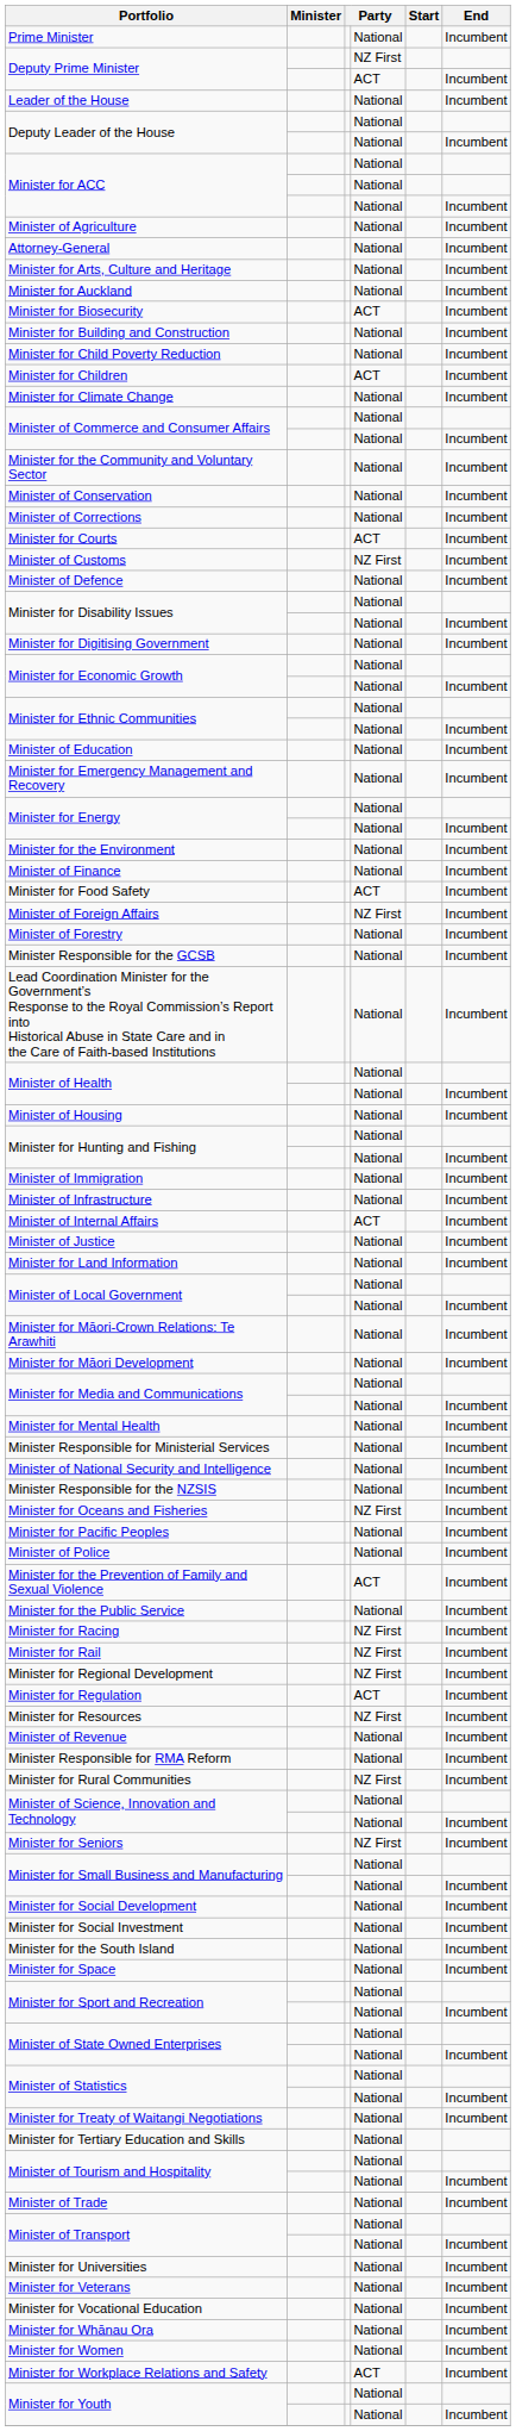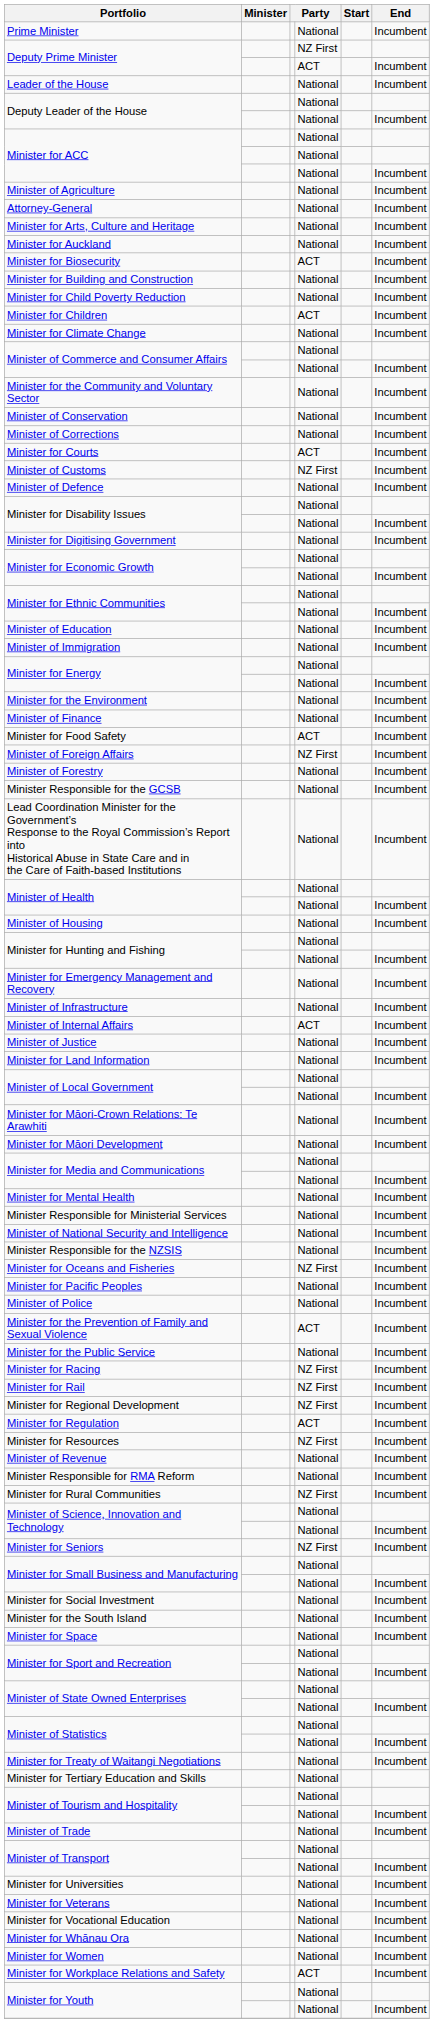 <table class="sortable wikitable">
 <tr>
 <th scope="col">Portfolio</th>
 <th scope="col">Minister</th>
 <th scope="col" colspan="2">Party</th>
 <th scope="col">Start</th>
 <th scope="col">End</th>
 </tr>
 <tr>
 <td scope="row"><a href='#'>Prime Minister</a></td>
 <td></td>
 <td style="background:"></td>
 <td>National</td>
 <td></td>
 <td>Incumbent</td>
 </tr>
 <tr>
 <td rowspan="2" scope="row"><a href='#'>Deputy Prime Minister</a></td>
 <td></td>
 <td style="background:"></td>
 <td>NZ First</td>
 <td></td>
 <td></td>
 </tr>
 <tr>
 <td></td>
 <td style="background:"></td>
 <td>ACT</td>
 <td></td>
 <td>Incumbent</td>
 </tr>
 <tr>
 <td scope="row"><a href='#'>Leader of the House</a></td>
 <td></td>
 <td style="background:"></td>
 <td>National</td>
 <td></td>
 <td>Incumbent</td>
 </tr>
 <tr>
 <td rowspan="2" scope="row">Deputy Leader of the House</td>
 <td></td>
 <td style="background:"></td>
 <td>National</td>
 <td></td>
 <td></td>
 </tr>
 <tr>
 <td></td>
 <td style="background:"></td>
 <td>National</td>
 <td></td>
 <td>Incumbent</td>
 </tr>
 <tr>
 <td rowspan="3" scope="row"><a href='#'>Minister for ACC</a></td>
 <td></td>
 <td style="background:"></td>
 <td>National</td>
 <td></td>
 <td></td>
 </tr>
 <tr>
 <td></td>
 <td style="background:"></td>
 <td>National</td>
 <td></td>
 <td></td>
 </tr>
 <tr>
 <td></td>
 <td style="background:"></td>
 <td>National</td>
 <td></td>
 <td>Incumbent</td>
 </tr>
 <tr>
 <td scope="row"><a href='#'>Minister of Agriculture</a></td>
 <td></td>
 <td style="background:"></td>
 <td>National</td>
 <td></td>
 <td>Incumbent</td>
 </tr>
 <tr>
 <td scope="row"><a href='#'>Attorney-General</a></td>
 <td></td>
 <td style="background:"></td>
 <td>National</td>
 <td></td>
 <td>Incumbent</td>
 </tr>
 <tr>
 <td scope="row"><a href='#'>Minister for Arts, Culture and Heritage</a></td>
 <td></td>
 <td style="background:"></td>
 <td>National</td>
 <td></td>
 <td>Incumbent</td>
 </tr>
 <tr>
 <td scope="row"><a href='#'>Minister for Auckland</a></td>
 <td></td>
 <td style="background:"></td>
 <td>National</td>
 <td></td>
 <td>Incumbent</td>
 </tr>
 <tr>
 <td scope="row"><a href='#'>Minister for Biosecurity</a></td>
 <td></td>
 <td style="background:"></td>
 <td>ACT</td>
 <td></td>
 <td>Incumbent</td>
 </tr>
 <tr>
 <td scope="row"><a href='#'>Minister for Building and Construction</a></td>
 <td></td>
 <td style="background:"></td>
 <td>National</td>
 <td></td>
 <td>Incumbent</td>
 </tr>
 <tr>
 <td scope="row"><a href='#'>Minister for Child Poverty Reduction</a></td>
 <td></td>
 <td style="background:"></td>
 <td>National</td>
 <td></td>
 <td>Incumbent</td>
 </tr>
 <tr>
 <td scope="row"><a href='#'>Minister for Children</a></td>
 <td></td>
 <td style="background:"></td>
 <td>ACT</td>
 <td></td>
 <td>Incumbent</td>
 </tr>
 <tr>
 <td scope="row"><a href='#'>Minister for Climate Change</a></td>
 <td></td>
 <td style="background:"></td>
 <td>National</td>
 <td></td>
 <td>Incumbent</td>
 </tr>
 <tr>
 <td rowspan="2" scope="row"><a href='#'>Minister of Commerce and Consumer Affairs</a></td>
 <td></td>
 <td style="background:"></td>
 <td>National</td>
 <td></td>
 <td></td>
 </tr>
 <tr>
 <td></td>
 <td style="background:"></td>
 <td>National</td>
 <td></td>
 <td>Incumbent</td>
 </tr>
 <tr>
 <td scope="row"><a href='#'>Minister for the Community and Voluntary Sector</a></td>
 <td></td>
 <td style="background:"></td>
 <td>National</td>
 <td></td>
 <td>Incumbent</td>
 </tr>
 <tr>
 <td scope="row"><a href='#'>Minister of Conservation</a></td>
 <td></td>
 <td style="background:"></td>
 <td>National</td>
 <td></td>
 <td>Incumbent</td>
 </tr>
 <tr>
 <td scope="row"><a href='#'>Minister of Corrections</a></td>
 <td></td>
 <td style="background:"></td>
 <td>National</td>
 <td></td>
 <td>Incumbent</td>
 </tr>
 <tr>
 <td scope="row"><a href='#'>Minister for Courts</a></td>
 <td></td>
 <td style="background:"></td>
 <td>ACT</td>
 <td></td>
 <td>Incumbent</td>
 </tr>
 <tr>
 <td scope="row"><a href='#'>Minister of Customs</a></td>
 <td></td>
 <td style="background:"></td>
 <td>NZ First</td>
 <td></td>
 <td>Incumbent</td>
 </tr>
 <tr>
 <td scope="row"><a href='#'>Minister of Defence</a></td>
 <td></td>
 <td style="background:"></td>
 <td>National</td>
 <td></td>
 <td>Incumbent</td>
 </tr>
 <tr>
 <td rowspan="2" scope="row">Minister for Disability Issues</td>
 <td></td>
 <td style="background:"></td>
 <td>National</td>
 <td></td>
 <td></td>
 </tr>
 <tr>
 <td></td>
 <td style="background:"></td>
 <td>National</td>
 <td></td>
 <td>Incumbent</td>
 </tr>
 <tr>
 <td scope="row"><a href='#'>Minister for Digitising Government</a></td>
 <td></td>
 <td style="background:"></td>
 <td>National</td>
 <td></td>
 <td>Incumbent</td>
 </tr>
 <tr>
 <td rowspan="2" scope="row"><a href='#'>Minister for Economic Growth</a></td>
 <td></td>
 <td style="background:"></td>
 <td>National</td>
 <td></td>
 <td></td>
 </tr>
 <tr>
 <td></td>
 <td style="background:"></td>
 <td>National</td>
 <td></td>
 <td>Incumbent</td>
 </tr>
 <tr>
 <td rowspan="2" scope="row"><a href='#'>Minister for Ethnic Communities</a></td>
 <td></td>
 <td style="background:"></td>
 <td>National</td>
 <td></td>
 <td></td>
 </tr>
 <tr>
 <td></td>
 <td style="background:"></td>
 <td>National</td>
 <td></td>
 <td>Incumbent</td>
 </tr>
 <tr>
 <td scope="row"><a href='#'>Minister of Education</a></td>
 <td></td>
 <td style="background:"></td>
 <td>National</td>
 <td></td>
 <td>Incumbent</td>
 </tr>
 <tr>
-<td scope="row"><a href='#'>Minister for Emergency Management and Recovery</a></td>
+<td scope="row"><a href='#'>Minister of Immigration</a></td>
 <td></td>
 <td style="background:"></td>
 <td>National</td>
 <td></td>
 <td>Incumbent</td>
 </tr>
 <tr>
 <td rowspan="2" scope="row"><a href='#'>Minister for Energy</a></td>
 <td></td>
 <td style="background:"></td>
 <td>National</td>
 <td></td>
 <td></td>
 </tr>
 <tr>
 <td></td>
 <td style="background:"></td>
 <td>National</td>
 <td></td>
 <td>Incumbent</td>
 </tr>
 <tr>
 <td scope="row"><a href='#'>Minister for the Environment</a></td>
 <td></td>
 <td style="background:"></td>
 <td>National</td>
 <td></td>
 <td>Incumbent</td>
 </tr>
 <tr>
 <td scope="row"><a href='#'>Minister of Finance</a></td>
 <td></td>
 <td style="background:"></td>
 <td>National</td>
 <td></td>
 <td>Incumbent</td>
 </tr>
 <tr>
 <td scope="row">Minister for Food Safety</td>
 <td></td>
 <td style="background:"></td>
 <td>ACT</td>
 <td></td>
 <td>Incumbent</td>
 </tr>
 <tr>
 <td scope="row"><a href='#'>Minister of Foreign Affairs</a></td>
 <td></td>
 <td style="background:"></td>
 <td>NZ First</td>
 <td></td>
 <td>Incumbent</td>
 </tr>
 <tr>
 <td scope="row"><a href='#'>Minister of Forestry</a></td>
 <td></td>
 <td style="background:"></td>
 <td>National</td>
 <td></td>
 <td>Incumbent</td>
 </tr>
 <tr>
 <td scope="row">Minister Responsible for the <a href='#'>GCSB</a></td>
 <td></td>
 <td style="background:"></td>
 <td>National</td>
 <td></td>
 <td>Incumbent</td>
 </tr>
 <tr>
 <td scope="row">Lead Coordination Minister for the Government’s<br>Response to the Royal Commission’s Report into<br>Historical Abuse in State Care and in<br>the Care of Faith-based Institutions</td>
 <td></td>
 <td style="background:"></td>
 <td>National</td>
 <td></td>
 <td>Incumbent</td>
 </tr>
 <tr>
 <td rowspan="2" scope="row"><a href='#'>Minister of Health</a></td>
 <td></td>
 <td style="background:"></td>
 <td>National</td>
 <td></td>
 <td></td>
 </tr>
 <tr>
 <td></td>
 <td style="background:"></td>
 <td>National</td>
 <td></td>
 <td>Incumbent</td>
 </tr>
 <tr>
 <td scope="row"><a href='#'>Minister of Housing</a></td>
 <td></td>
 <td style="background:"></td>
 <td>National</td>
 <td></td>
 <td>Incumbent</td>
 </tr>
 <tr>
 <td rowspan="2" scope="row">Minister for Hunting and Fishing</td>
 <td></td>
 <td style="background:"></td>
 <td>National</td>
 <td></td>
 <td></td>
 </tr>
 <tr>
 <td></td>
 <td style="background:"></td>
 <td>National</td>
 <td></td>
 <td>Incumbent</td>
 </tr>
 <tr>
-<td scope="row"><a href='#'>Minister of Immigration</a></td>
+<td scope="row"><a href='#'>Minister for Emergency Management and Recovery</a></td>
 <td></td>
 <td style="background:"></td>
 <td>National</td>
 <td></td>
 <td>Incumbent</td>
 </tr>
 <tr>
 <td scope="row"><a href='#'>Minister of Infrastructure</a></td>
 <td></td>
 <td style="background:"></td>
 <td>National</td>
 <td></td>
 <td>Incumbent</td>
 </tr>
 <tr>
 <td scope="row"><a href='#'>Minister of Internal Affairs</a></td>
 <td></td>
 <td style="background:"></td>
 <td>ACT</td>
 <td></td>
 <td>Incumbent</td>
 </tr>
 <tr>
 <td scope="row"><a href='#'>Minister of Justice</a></td>
 <td></td>
 <td style="background:"></td>
 <td>National</td>
 <td></td>
 <td>Incumbent</td>
 </tr>
 <tr>
 <td scope="row"><a href='#'>Minister for Land Information</a></td>
 <td></td>
 <td style="background:"></td>
 <td>National</td>
 <td></td>
 <td>Incumbent</td>
 </tr>
 <tr>
 <td rowspan="2" scope="row"><a href='#'>Minister of Local Government</a></td>
 <td></td>
 <td style="background:"></td>
 <td>National</td>
 <td></td>
 <td></td>
 </tr>
 <tr>
 <td></td>
 <td style="background:"></td>
 <td>National</td>
 <td></td>
 <td>Incumbent</td>
 </tr>
 <tr>
 <td scope="row"><a href='#'>Minister for Māori-Crown Relations: Te Arawhiti</a></td>
 <td></td>
 <td style="background:"></td>
 <td>National</td>
 <td></td>
 <td>Incumbent</td>
 </tr>
 <tr>
 <td scope="row"><a href='#'>Minister for Māori Development</a></td>
 <td></td>
 <td style="background:"></td>
 <td>National</td>
 <td></td>
 <td>Incumbent</td>
 </tr>
 <tr>
 <td rowspan="2" scope="row"><a href='#'>Minister for Media and Communications</a></td>
 <td></td>
 <td style="background:"></td>
 <td>National</td>
 <td></td>
 <td></td>
 </tr>
 <tr>
 <td></td>
 <td style="background:"></td>
 <td>National</td>
 <td></td>
 <td>Incumbent</td>
 </tr>
 <tr>
 <td scope="row"><a href='#'>Minister for Mental Health</a></td>
 <td></td>
 <td style="background:"></td>
 <td>National</td>
 <td></td>
 <td>Incumbent</td>
 </tr>
 <tr>
 <td scope="row">Minister Responsible for Ministerial Services</td>
 <td></td>
 <td style="background:"></td>
 <td>National</td>
 <td></td>
 <td>Incumbent</td>
 </tr>
 <tr>
 <td scope="row"><a href='#'>Minister of National Security and Intelligence</a></td>
 <td></td>
 <td style="background:"></td>
 <td>National</td>
 <td></td>
 <td>Incumbent</td>
 </tr>
 <tr>
 <td scope="row">Minister Responsible for the <a href='#'>NZSIS</a></td>
 <td></td>
 <td style="background:"></td>
 <td>National</td>
 <td></td>
 <td>Incumbent</td>
 </tr>
 <tr>
 <td scope="row"><a href='#'>Minister for Oceans and Fisheries</a></td>
 <td></td>
 <td style="background:"></td>
 <td>NZ First</td>
 <td></td>
 <td>Incumbent</td>
 </tr>
 <tr>
 <td scope="row"><a href='#'>Minister for Pacific Peoples</a></td>
 <td></td>
 <td style="background:"></td>
 <td>National</td>
 <td></td>
 <td>Incumbent</td>
 </tr>
 <tr>
 <td scope="row"><a href='#'>Minister of Police</a></td>
 <td></td>
 <td style="background:"></td>
 <td>National</td>
 <td></td>
 <td>Incumbent</td>
 </tr>
 <tr>
 <td scope="row"><a href='#'>Minister for the Prevention of Family and Sexual Violence</a></td>
 <td></td>
 <td style="background:"></td>
 <td>ACT</td>
 <td></td>
 <td>Incumbent</td>
 </tr>
 <tr>
 <td scope="row"><a href='#'>Minister for the Public Service</a></td>
 <td></td>
 <td style="background:"></td>
 <td>National</td>
 <td></td>
 <td>Incumbent</td>
 </tr>
 <tr>
 <td scope="row"><a href='#'>Minister for Racing</a></td>
 <td></td>
 <td style="background:"></td>
 <td>NZ First</td>
 <td></td>
 <td>Incumbent</td>
 </tr>
 <tr>
 <td scope="row"><a href='#'>Minister for Rail</a></td>
 <td></td>
 <td style="background:"></td>
 <td>NZ First</td>
 <td></td>
 <td>Incumbent</td>
 </tr>
 <tr>
 <td scope="row">Minister for Regional Development</td>
 <td></td>
 <td style="background:"></td>
 <td>NZ First</td>
 <td></td>
 <td>Incumbent</td>
 </tr>
 <tr>
 <td scope="row"><a href='#'>Minister for Regulation</a></td>
 <td></td>
 <td style="background:"></td>
 <td>ACT</td>
 <td></td>
 <td>Incumbent</td>
 </tr>
 <tr>
 <td scope="row">Minister for Resources</td>
 <td></td>
 <td style="background:"></td>
 <td>NZ First</td>
 <td></td>
 <td>Incumbent</td>
 </tr>
 <tr>
 <td scope="row"><a href='#'>Minister of Revenue</a></td>
 <td></td>
 <td style="background:"></td>
 <td>National</td>
 <td></td>
 <td>Incumbent</td>
 </tr>
 <tr>
 <td scope="row">Minister Responsible for <a href='#'>RMA</a> Reform</td>
 <td></td>
 <td style="background:"></td>
 <td>National</td>
 <td></td>
 <td>Incumbent</td>
 </tr>
 <tr>
 <td scope="row">Minister for Rural Communities</td>
 <td></td>
 <td style="background:"></td>
 <td>NZ First</td>
 <td></td>
 <td>Incumbent</td>
 </tr>
 <tr>
 <td rowspan="2" scope="row"><a href='#'>Minister of Science, Innovation and Technology</a></td>
 <td></td>
 <td style="background:"></td>
 <td>National</td>
 <td></td>
 <td></td>
 </tr>
 <tr>
 <td></td>
 <td style="background:"></td>
 <td>National</td>
 <td></td>
 <td>Incumbent</td>
 </tr>
 <tr>
 <td scope="row"><a href='#'>Minister for Seniors</a></td>
 <td></td>
 <td style="background:"></td>
 <td>NZ First</td>
 <td></td>
 <td>Incumbent</td>
 </tr>
 <tr>
 <td rowspan="2" scope="row"><a href='#'>Minister for Small Business and Manufacturing</a></td>
 <td></td>
 <td style="background:"></td>
 <td>National</td>
 <td></td>
 <td></td>
 </tr>
 <tr>
 <td></td>
 <td style="background:"></td>
 <td>National</td>
 <td></td>
 <td>Incumbent</td>
 </tr>
 <tr>
-<td scope="row"><a href='#'>Minister for Social Development</a></td>
-<td></td>
-<td style="background:"></td>
-<td>National</td>
-<td></td>
-<td>Incumbent</td>
-</tr>
-<tr>
 <td scope="row">Minister for Social Investment</td>
 <td></td>
 <td style="background:"></td>
 <td>National</td>
 <td></td>
 <td>Incumbent</td>
 </tr>
 <tr>
 <td scope="row">Minister for the South Island</td>
 <td></td>
 <td style="background:"></td>
 <td>National</td>
 <td></td>
 <td>Incumbent</td>
 </tr>
 <tr>
 <td scope="row"><a href='#'>Minister for Space</a></td>
 <td></td>
 <td style="background:"></td>
 <td>National</td>
 <td></td>
 <td>Incumbent</td>
 </tr>
 <tr>
 <td rowspan="2" scope="row"><a href='#'>Minister for Sport and Recreation</a></td>
 <td></td>
 <td style="background:"></td>
 <td>National</td>
 <td></td>
 <td></td>
 </tr>
 <tr>
 <td></td>
 <td style="background:"></td>
 <td>National</td>
 <td></td>
 <td>Incumbent</td>
 </tr>
 <tr>
 <td rowspan="2" scope="row"><a href='#'>Minister of State Owned Enterprises</a></td>
 <td></td>
 <td style="background:"></td>
 <td>National</td>
 <td></td>
 <td></td>
 </tr>
 <tr>
 <td></td>
 <td style="background:"></td>
 <td>National</td>
 <td></td>
 <td>Incumbent</td>
 </tr>
 <tr>
 <td rowspan="2" scope="row"><a href='#'>Minister of Statistics</a></td>
 <td></td>
 <td style="background:"></td>
 <td>National</td>
 <td></td>
 <td></td>
 </tr>
 <tr>
 <td></td>
 <td style="background:"></td>
 <td>National</td>
 <td></td>
 <td>Incumbent</td>
 </tr>
 <tr>
 <td scope="row"><a href='#'>Minister for Treaty of Waitangi Negotiations</a></td>
 <td></td>
 <td style="background:"></td>
 <td>National</td>
 <td></td>
 <td>Incumbent</td>
 </tr>
 <tr>
 <td scope="row">Minister for Tertiary Education and Skills</td>
 <td></td>
 <td style="background:"></td>
 <td>National</td>
 <td></td>
 <td></td>
 </tr>
 <tr>
 <td rowspan="2" scope="row"><a href='#'>Minister of Tourism and Hospitality</a></td>
 <td></td>
 <td style="background:"></td>
 <td>National</td>
 <td></td>
 <td></td>
 </tr>
 <tr>
 <td></td>
 <td style="background:"></td>
 <td>National</td>
 <td></td>
 <td>Incumbent</td>
 </tr>
 <tr>
 <td scope="row"><a href='#'>Minister of Trade</a></td>
 <td></td>
 <td style="background:"></td>
 <td>National</td>
 <td></td>
 <td>Incumbent</td>
 </tr>
 <tr>
 <td rowspan="2" scope="row"><a href='#'>Minister of Transport</a></td>
 <td></td>
 <td style="background:"></td>
 <td>National</td>
 <td></td>
 <td></td>
 </tr>
 <tr>
 <td></td>
 <td style="background:"></td>
 <td>National</td>
 <td></td>
 <td>Incumbent</td>
 </tr>
 <tr>
 <td scope="row">Minister for Universities</td>
 <td></td>
 <td style="background:"></td>
 <td>National</td>
 <td></td>
 <td>Incumbent</td>
 </tr>
 <tr>
 <td scope="row"><a href='#'>Minister for Veterans</a></td>
 <td></td>
 <td style="background:"></td>
 <td>National</td>
 <td></td>
 <td>Incumbent</td>
 </tr>
 <tr>
 <td scope="row">Minister for Vocational Education</td>
 <td></td>
 <td style="background:"></td>
 <td>National</td>
 <td></td>
 <td>Incumbent</td>
 </tr>
 <tr>
 <td scope="row"><a href='#'>Minister for Whānau Ora</a></td>
 <td></td>
 <td style="background:"></td>
 <td>National</td>
 <td></td>
 <td>Incumbent</td>
 </tr>
 <tr>
 <td scope="row"><a href='#'>Minister for Women</a></td>
 <td></td>
 <td style="background:"></td>
 <td>National</td>
 <td></td>
 <td>Incumbent</td>
 </tr>
 <tr>
 <td scope="row"><a href='#'>Minister for Workplace Relations and Safety</a></td>
 <td></td>
 <td style="background:"></td>
 <td>ACT</td>
 <td></td>
 <td>Incumbent</td>
 </tr>
 <tr>
 <td rowspan="2" scope="row"><a href='#'>Minister for Youth</a></td>
 <td></td>
 <td style="background:"></td>
 <td>National</td>
 <td></td>
 <td></td>
 </tr>
 <tr>
 <td></td>
 <td style="background:"></td>
 <td>National</td>
 <td></td>
 <td>Incumbent</td>
 </tr>
 <tr>
 </tr>
 </table>
